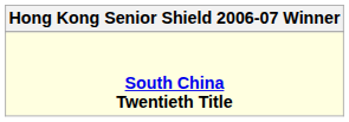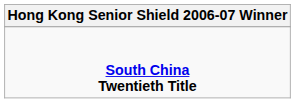 <table class="wikitable" style="text-align: center; margin: 0 auto;">
 <tr>
 <th>Hong Kong Senior Shield 2006-07 Winner</th>
 </tr>
 <tr>
 </tr>
 <tr>
-<td style="background: lightyellow;"><br><br><strong><a href='#'>South China</a></strong><br><strong>Twentieth Title</strong></td>
+<td><br><br><strong><a href='#'>South China</a></strong><br><strong>Twentieth Title</strong></td>
 </tr>
 </table>
